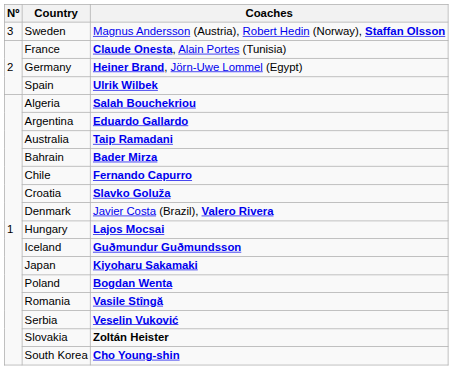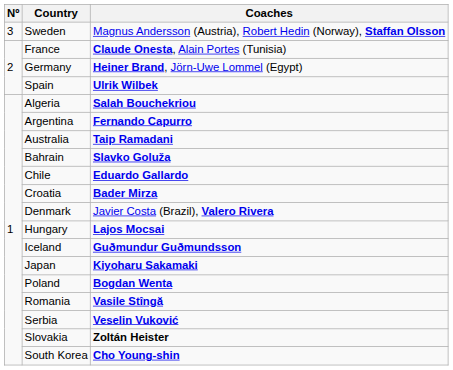 <table class="wikitable">
 <tr>
 <th>Nº</th>
 <th>Country</th>
 <th>Coaches</th>
 </tr>
 <tr>
 <td>3</td>
 <td> Sweden</td>
 <td><a href='#'>Magnus Andersson</a> (Austria), <a href='#'>Robert Hedin</a> (Norway), <strong><a href='#'>Staffan Olsson</a></strong></td>
 </tr>
 <tr>
 <td rowspan=3>2</td>
 <td> France</td>
 <td><strong><a href='#'>Claude Onesta</a></strong>, <a href='#'>Alain Portes</a> (Tunisia)</td>
 </tr>
 <tr>
 <td> Germany</td>
 <td><strong><a href='#'>Heiner Brand</a></strong>, <a href='#'>Jörn-Uwe Lommel</a> (Egypt)</td>
 </tr>
 <tr>
 <td> Spain</td>
 <td><strong><a href='#'>Ulrik Wilbek</a></strong></td>
 </tr>
 <tr>
 <td rowspan=15>1</td>
 <td> Algeria</td>
 <td><strong><a href='#'>Salah Bouchekriou</a></strong></td>
 </tr>
 <tr>
 <td> Argentina</td>
-<td><strong><a href='#'>Eduardo Gallardo</a></strong></td>
+<td><strong><a href='#'>Fernando Capurro</a></strong></td>
 </tr>
 <tr>
 <td> Australia</td>
 <td><strong><a href='#'>Taip Ramadani</a></strong></td>
 </tr>
 <tr>
 <td> Bahrain</td>
-<td><strong><a href='#'>Bader Mirza</a></strong></td>
+<td><strong><a href='#'>Slavko Goluža</a></strong></td>
 </tr>
 <tr>
 <td> Chile</td>
-<td><strong><a href='#'>Fernando Capurro</a></strong></td>
+<td><strong><a href='#'>Eduardo Gallardo</a></strong></td>
 </tr>
 <tr>
 <td> Croatia</td>
-<td><strong><a href='#'>Slavko Goluža</a></strong></td>
+<td><strong><a href='#'>Bader Mirza</a></strong></td>
 </tr>
 <tr>
 <td> Denmark</td>
 <td><a href='#'>Javier Costa</a> (Brazil), <strong><a href='#'>Valero Rivera</a></strong></td>
 </tr>
 <tr>
 <td> Hungary</td>
 <td><strong><a href='#'>Lajos Mocsai</a></strong></td>
 </tr>
 <tr>
 <td> Iceland</td>
 <td><strong><a href='#'>Guðmundur Guðmundsson</a></strong></td>
 </tr>
 <tr>
 <td> Japan</td>
 <td><strong><a href='#'>Kiyoharu Sakamaki</a></strong></td>
 </tr>
 <tr>
 <td> Poland</td>
 <td><strong><a href='#'>Bogdan Wenta</a></strong></td>
 </tr>
 <tr>
 <td> Romania</td>
 <td><strong><a href='#'>Vasile Stîngă</a></strong></td>
 </tr>
 <tr>
 <td> Serbia</td>
 <td><strong><a href='#'>Veselin Vuković</a></strong></td>
 </tr>
 <tr>
 <td> Slovakia</td>
 <td><strong>Zoltán Heister</strong></td>
 </tr>
 <tr>
 <td> South Korea</td>
 <td><strong><a href='#'>Cho Young-shin</a></strong></td>
 </tr>
 </table>
